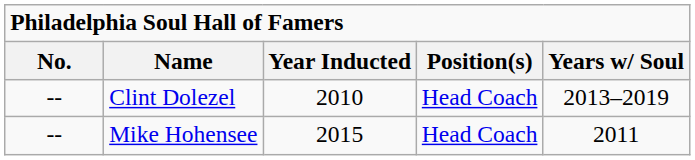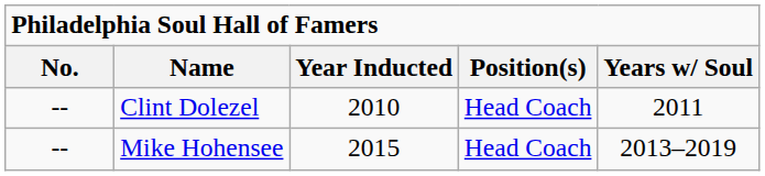 <table class="wikitable sortable">
 <tr>
 <td colspan="5"><strong>Philadelphia Soul Hall of Famers</strong></td>
 </tr>
 <tr>
 <th width=60px>No.</th>
 <th>Name</th>
 <th>Year Inducted</th>
 <th>Position(s)</th>
 <th>Years w/ Soul</th>
 </tr>
 <tr>
 <td style="text-align:center;">--</td>
 <td><a href='#'>Clint Dolezel</a></td>
 <td style="text-align:center;">2010</td>
 <td style="text-align:center;"><a href='#'>Head Coach</a></td>
-<td style="text-align:center;">2013–2019</td>
+<td style="text-align:center;">2011</td>
 </tr>
 <tr>
 <td style="text-align:center;">--</td>
 <td><a href='#'>Mike Hohensee</a></td>
 <td style="text-align:center;">2015</td>
 <td style="text-align:center;"><a href='#'>Head Coach</a></td>
-<td style="text-align:center;">2011</td>
+<td style="text-align:center;">2013–2019</td>
 </tr>
 </table>
